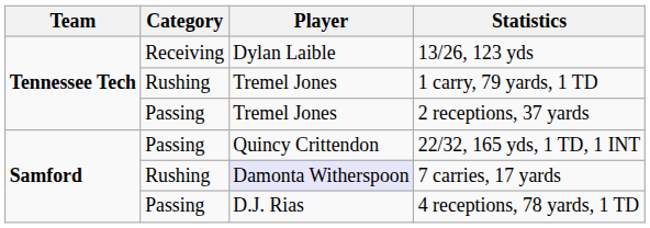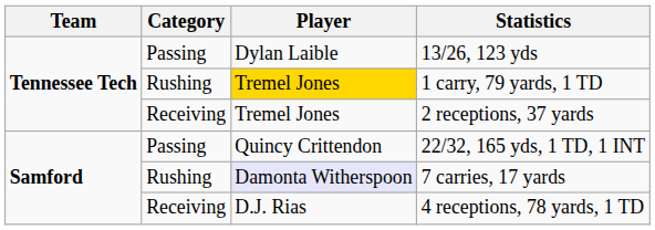 <table class="wikitable" style="float: right;">
 <tr>
 <th>Team</th>
 <th>Category</th>
 <th>Player</th>
 <th>Statistics</th>
 </tr>
 <tr>
 <td rowspan=3><strong>Tennessee Tech</strong></td>
-<td>Receiving</td>
+<td>Passing</td>
 <td>Dylan Laible</td>
 <td>13/26, 123 yds</td>
 </tr>
 <tr>
 <td>Rushing</td>
-<td>Tremel Jones</td>
+<td style="background: gold;">Tremel Jones</td>
 <td>1 carry, 79 yards, 1 TD</td>
 </tr>
 <tr>
-<td>Passing</td>
+<td>Receiving</td>
 <td>Tremel Jones</td>
 <td>2 receptions, 37 yards</td>
 </tr>
 <tr>
 <td rowspan=3><strong>Samford</strong></td>
 <td>Passing</td>
 <td>Quincy Crittendon</td>
 <td>22/32, 165 yds, 1 TD, 1 INT</td>
 </tr>
 <tr>
 <td>Rushing</td>
 <td style="background: lavender;">Damonta Witherspoon</td>
 <td>7 carries, 17 yards</td>
 </tr>
 <tr>
-<td>Passing</td>
+<td>Receiving</td>
 <td>D.J. Rias</td>
 <td>4 receptions, 78 yards, 1 TD</td>
 </tr>
 </table>
